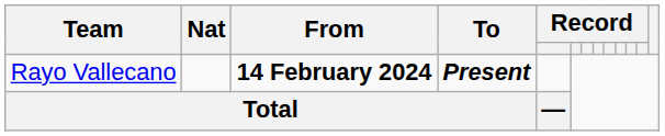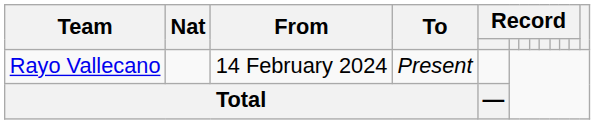 <table class="wikitable" style="text-align: center">
 <tr>
 <th rowspan="2">Team</th>
 <th rowspan="2">Nat</th>
 <th rowspan="2">From</th>
 <th rowspan="2">To</th>
 <th colspan="8">Record</th>
 <th rowspan=2></th>
 </tr>
 <tr>
 <th></th>
 <th></th>
 <th></th>
 <th></th>
 <th></th>
 <th></th>
 <th></th>
 <th></th>
 </tr>
 <tr>
 <td align="left"><a href='#'>Rayo Vallecano</a></td>
 <td></td>
-<td align=left><strong>14 February 2024</strong></td>
-<td align=left><strong><em>Present</em><br></strong></td>
+<td align=left>14 February 2024</td>
+<td align=left><em>Present</em><br></td>
 <td></td>
 </tr>
 <tr>
 <th colspan="4">Total<br></th>
 <th>—</th>
 </tr>
 </table>
